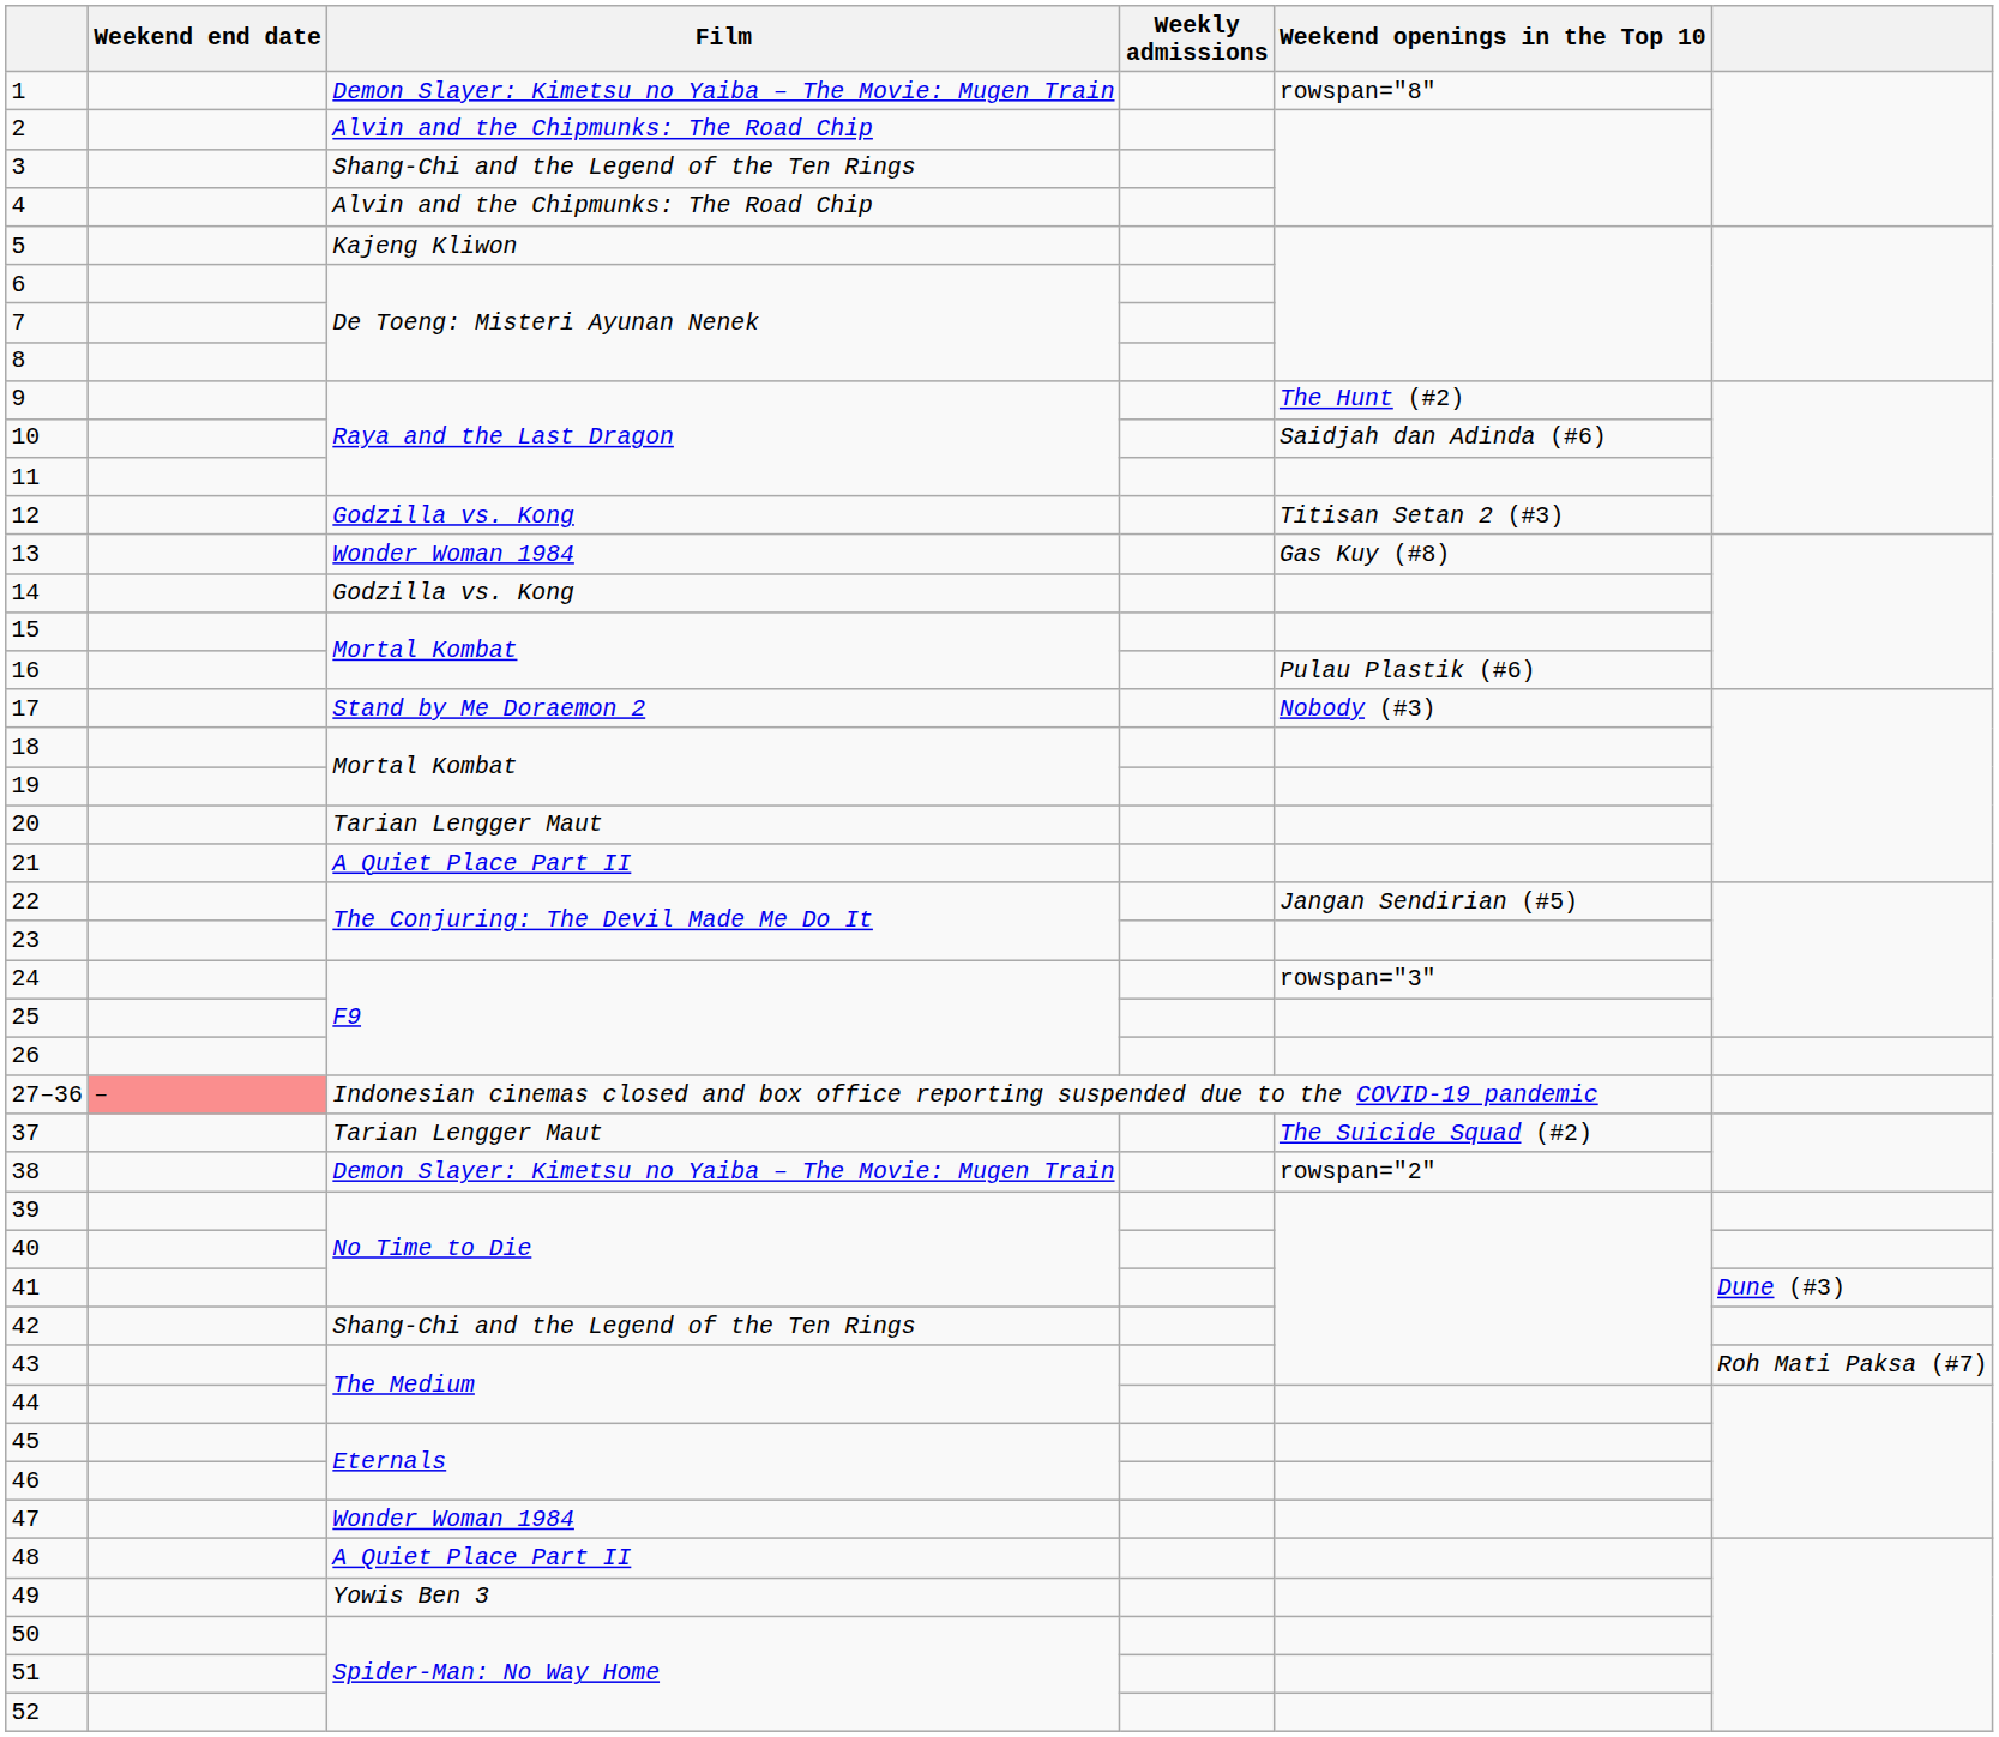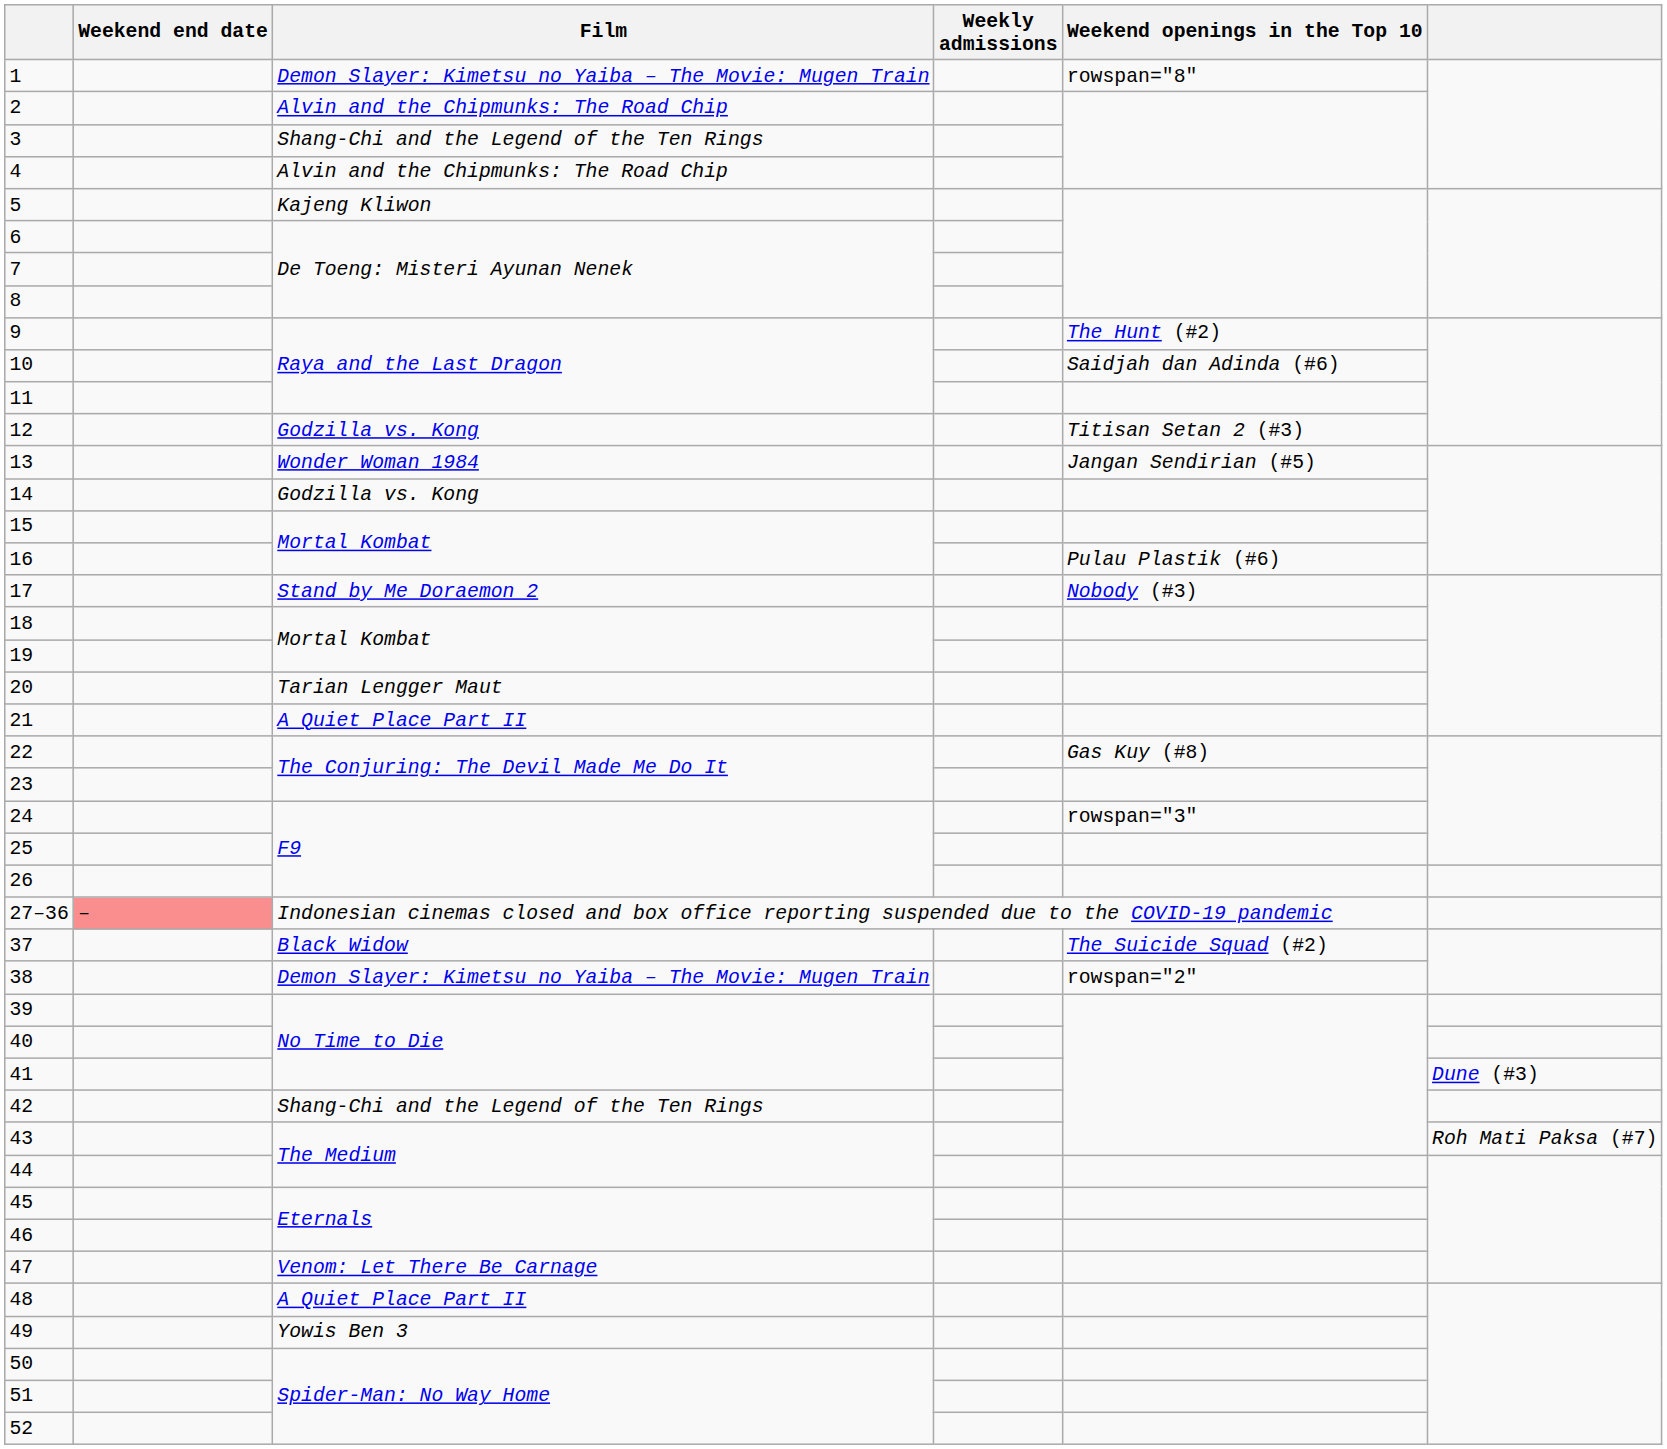 <table class="wikitable sortable">
 <tr>
 <th></th>
 <th>Weekend end date</th>
 <th>Film</th>
 <th>Weekly<br>admissions</th>
 <th>Weekend openings in the Top 10</th>
 <th class="unsortable"></th>
 </tr>
 <tr>
 <td>1</td>
 <td></td>
 <td><em><a href='#'>Demon Slayer: Kimetsu no Yaiba – The Movie: Mugen Train</a></em></td>
 <td></td>
 <td>rowspan="8" </td>
 <td rowspan="4"></td>
 </tr>
 <tr>
 <td>2</td>
 <td></td>
 <td><em><a href='#'>Alvin and the Chipmunks: The Road Chip</a></em></td>
 <td></td>
 </tr>
 <tr>
 <td>3</td>
 <td></td>
 <td><em>Shang-Chi and the Legend of the Ten Rings</em></td>
 <td></td>
 </tr>
 <tr>
 <td>4</td>
 <td></td>
 <td><em>Alvin and the Chipmunks: The Road Chip</em></td>
 <td></td>
 </tr>
 <tr>
 <td>5</td>
 <td></td>
 <td><em>Kajeng Kliwon</em></td>
 <td></td>
 <td rowspan="4"></td>
 </tr>
 <tr>
 <td>6</td>
 <td></td>
 <td rowspan="3"><em>De Toeng: Misteri Ayunan Nenek</em></td>
 <td></td>
 </tr>
 <tr>
 <td>7</td>
 <td></td>
 <td></td>
 </tr>
 <tr>
 <td>8</td>
 <td></td>
 <td></td>
 </tr>
 <tr>
 <td>9</td>
 <td></td>
 <td rowspan="3"><em><a href='#'>Raya and the Last Dragon</a></em></td>
 <td></td>
 <td><em><a href='#'>The Hunt</a></em> (#2)</td>
 <td rowspan="4"></td>
 </tr>
 <tr>
 <td>10</td>
 <td></td>
 <td></td>
 <td><em>Saidjah dan Adinda</em> (#6)</td>
 </tr>
 <tr>
 <td>11</td>
 <td></td>
 <td></td>
 <td></td>
 </tr>
 <tr>
 <td>12</td>
 <td></td>
 <td><em><a href='#'>Godzilla vs. Kong</a></em></td>
 <td></td>
 <td><em>Titisan Setan 2</em> (#3)</td>
 </tr>
 <tr>
 <td>13</td>
 <td></td>
 <td><em><a href='#'>Wonder Woman 1984</a></em></td>
 <td></td>
-<td><em>Gas Kuy</em> (#8)</td>
+<td><em>Jangan Sendirian</em> (#5)</td>
 <td rowspan="4"></td>
 </tr>
 <tr>
 <td>14</td>
 <td></td>
 <td><em>Godzilla vs. Kong</em></td>
 <td></td>
 <td></td>
 </tr>
 <tr>
 <td>15</td>
 <td></td>
 <td rowspan="2"><em><a href='#'>Mortal Kombat</a></em></td>
 <td></td>
 <td></td>
 </tr>
 <tr>
 <td>16</td>
 <td></td>
 <td></td>
 <td><em>Pulau Plastik</em> (#6)</td>
 </tr>
 <tr>
 <td>17</td>
 <td></td>
 <td><em><a href='#'>Stand by Me Doraemon 2</a></em></td>
 <td></td>
 <td><em><a href='#'>Nobody</a></em> (#3)</td>
 <td rowspan="5"></td>
 </tr>
 <tr>
 <td>18</td>
 <td></td>
 <td rowspan="2"><em>Mortal Kombat</em></td>
 <td></td>
 <td></td>
 </tr>
 <tr>
 <td>19</td>
 <td></td>
 <td></td>
 <td></td>
 </tr>
 <tr>
 <td>20</td>
 <td></td>
 <td><em>Tarian Lengger Maut</em></td>
 <td></td>
 <td></td>
 </tr>
 <tr>
 <td>21</td>
 <td></td>
 <td><em><a href='#'>A Quiet Place Part II</a></em></td>
 <td></td>
 <td></td>
 </tr>
 <tr>
 <td>22</td>
 <td></td>
 <td rowspan="2"><em><a href='#'>The Conjuring: The Devil Made Me Do It</a></em></td>
 <td></td>
-<td><em>Jangan Sendirian</em> (#5)</td>
+<td><em>Gas Kuy</em> (#8)</td>
 <td rowspan="4"></td>
 </tr>
 <tr>
 <td>23</td>
 <td></td>
 <td></td>
 <td></td>
 </tr>
 <tr>
 <td>24</td>
 <td></td>
 <td rowspan="3"><em><a href='#'>F9</a></em></td>
 <td></td>
 <td>rowspan="3" </td>
 </tr>
 <tr>
 <td>25</td>
 <td></td>
 <td></td>
 </tr>
 <tr>
 <td>26</td>
 <td></td>
 <td></td>
 <td></td>
 </tr>
 <tr>
 <td>27–36</td>
 <td style="background: #fa8e8e;"> – </td>
 <td colspan="3"><em>Indonesian cinemas closed and box office reporting suspended due to the <a href='#'>COVID-19 pandemic</a></em></td>
 <td></td>
 </tr>
 <tr>
 <td>37</td>
 <td></td>
-<td><em>Tarian Lengger Maut</em></td>
+<td><em><a href='#'>Black Widow</a></em></td>
 <td></td>
 <td><em><a href='#'>The Suicide Squad</a></em> (#2)</td>
 <td rowspan="2"></td>
 </tr>
 <tr>
 <td>38</td>
 <td></td>
 <td><em><a href='#'>Demon Slayer: Kimetsu no Yaiba – The Movie: Mugen Train</a></em></td>
 <td></td>
 <td>rowspan="2" </td>
 </tr>
 <tr>
 <td>39</td>
 <td></td>
 <td rowspan="3"><em><a href='#'>No Time to Die</a></em></td>
 <td></td>
 <td rowspan="5"></td>
 </tr>
 <tr>
 <td>40</td>
 <td></td>
 <td></td>
 <td></td>
 </tr>
 <tr>
 <td>41</td>
 <td></td>
 <td></td>
 <td><em><a href='#'>Dune</a></em> (#3)</td>
 </tr>
 <tr>
 <td>42</td>
 <td></td>
 <td><em>Shang-Chi and the Legend of the Ten Rings</em></td>
 <td></td>
 <td></td>
 </tr>
 <tr>
 <td>43</td>
 <td></td>
 <td rowspan="2"><em><a href='#'>The Medium</a></em></td>
 <td></td>
 <td><em>Roh Mati Paksa</em> (#7)</td>
 </tr>
 <tr>
 <td>44</td>
 <td></td>
 <td></td>
 <td></td>
 <td rowspan="4"></td>
 </tr>
 <tr>
 <td>45</td>
 <td></td>
 <td rowspan="2"><em><a href='#'>Eternals</a></em></td>
 <td></td>
 <td></td>
 </tr>
 <tr>
 <td>46</td>
 <td></td>
 <td></td>
 <td></td>
 </tr>
 <tr>
 <td>47</td>
 <td></td>
-<td><em><a href='#'>Wonder Woman 1984</a></em></td>
+<td><em><a href='#'>Venom: Let There Be Carnage</a></em></td>
 <td></td>
 <td></td>
 </tr>
 <tr>
 <td>48</td>
 <td></td>
 <td><em><a href='#'>A Quiet Place Part II</a></em></td>
 <td></td>
 <td></td>
 <td rowspan="5"></td>
 </tr>
 <tr>
 <td>49</td>
 <td></td>
 <td><em>Yowis Ben 3</em></td>
 <td></td>
 <td></td>
 </tr>
 <tr>
 <td>50</td>
 <td></td>
 <td rowspan="3"><em><a href='#'>Spider-Man: No Way Home</a></em></td>
 <td></td>
 <td></td>
 </tr>
 <tr>
 <td>51</td>
 <td></td>
 <td></td>
 <td></td>
 </tr>
 <tr>
 <td>52</td>
 <td></td>
 <td></td>
 <td></td>
 </tr>
 </table>
